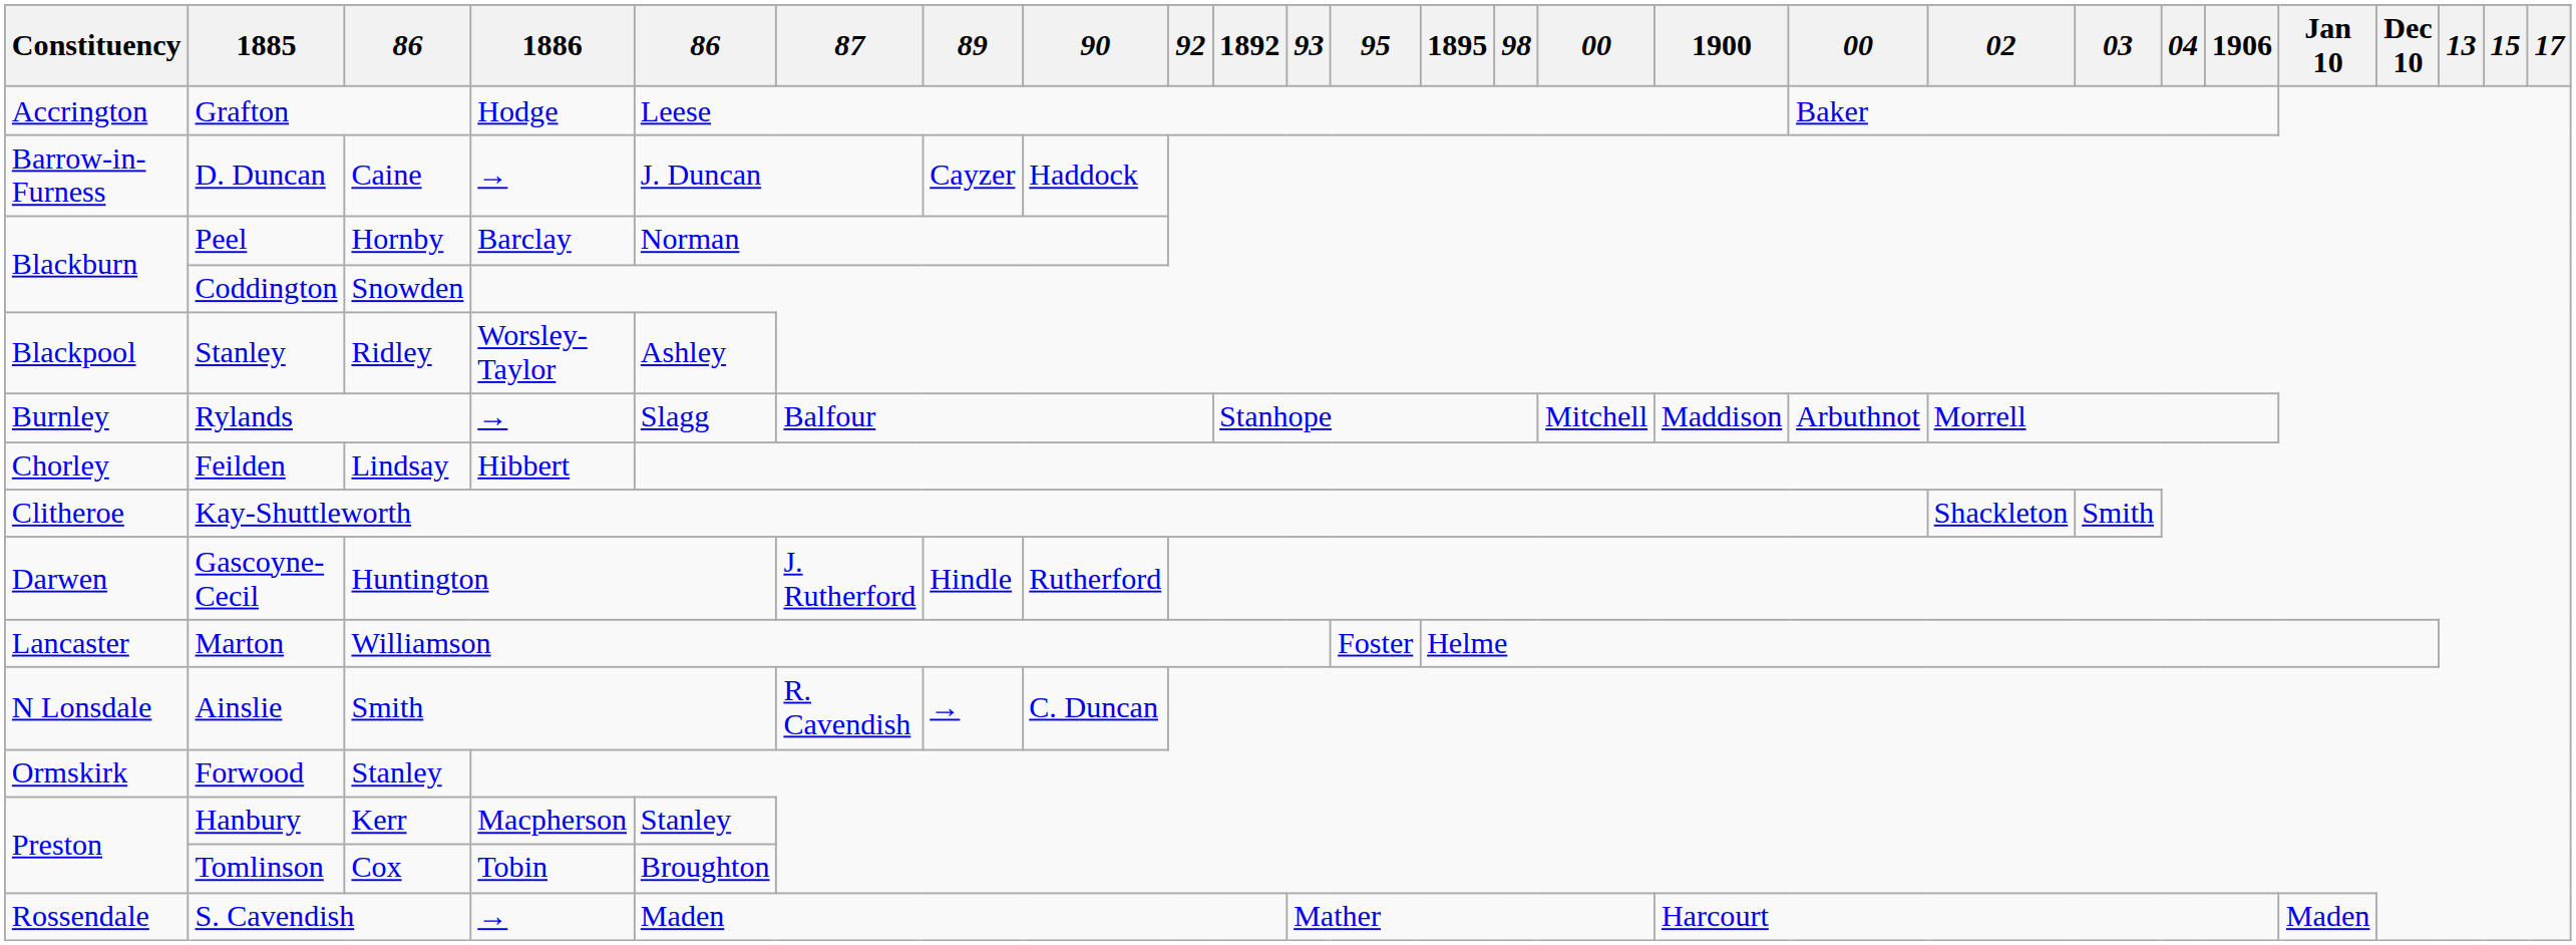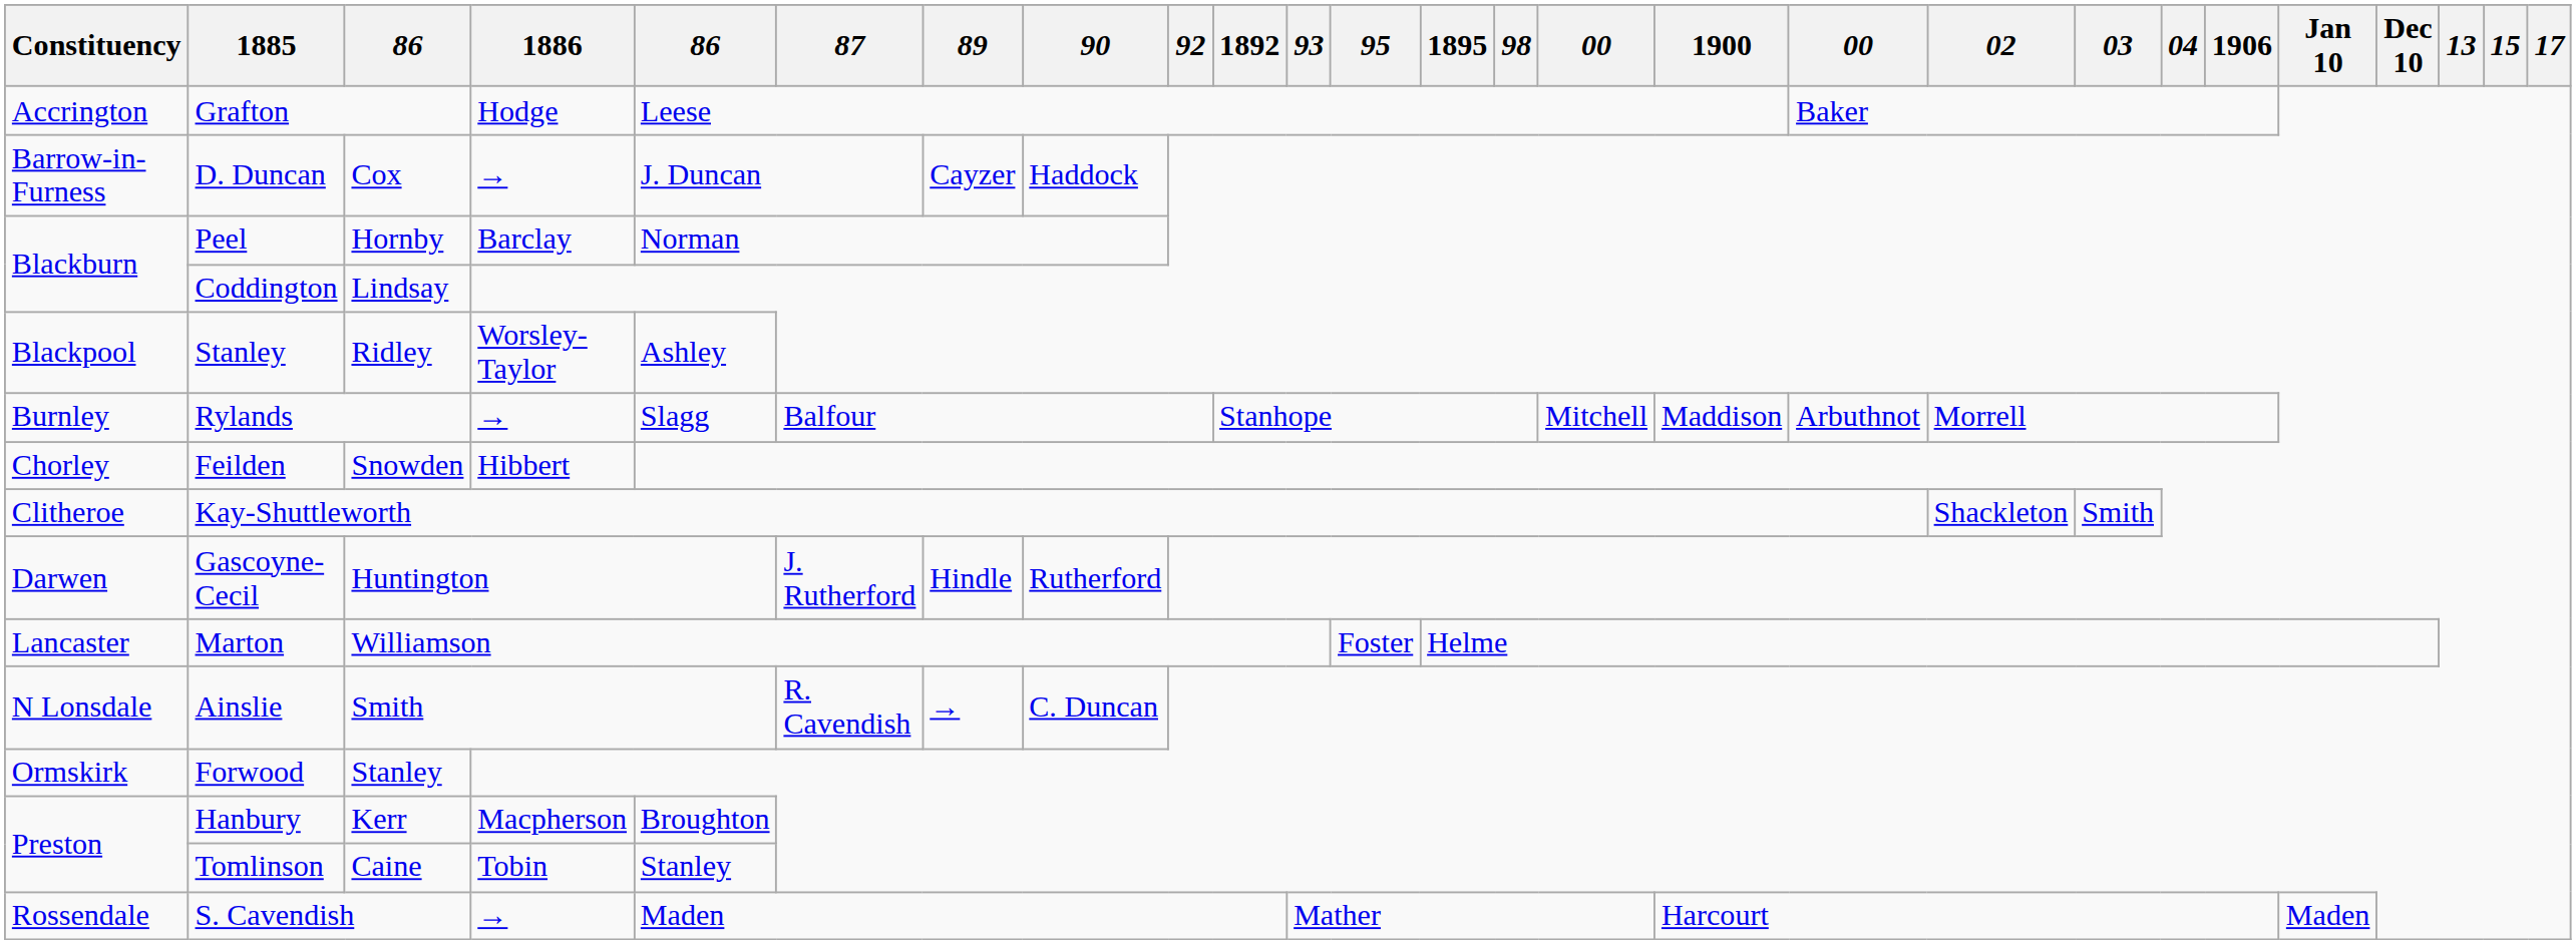 <table class="wikitable">
 <tr>
 <th>Constituency</th>
 <th>1885</th>
 <th><em>86</em></th>
 <th>1886</th>
 <th><em>86</em></th>
 <th><em>87</em></th>
 <th><em>89</em></th>
 <th><em>90</em></th>
 <th><em>92</em></th>
 <th>1892</th>
 <th><em>93</em></th>
 <th><em>95</em></th>
 <th>1895</th>
 <th><em>98</em></th>
 <th><em>00</em></th>
 <th>1900</th>
 <th><em>00</em></th>
 <th><em>02</em></th>
 <th><em>03</em></th>
 <th><em>04</em></th>
 <th>1906</th>
 <th>Jan 10</th>
 <th>Dec 10</th>
 <th><em>13</em></th>
 <th><em>15</em></th>
 <th><em>17</em></th>
 </tr>
 <tr>
 <td><a href='#'>Accrington</a></td>
 <td colspan="2"><a href='#'>Grafton</a></td>
 <td><a href='#'>Hodge</a></td>
 <td colspan="12"><a href='#'>Leese</a></td>
 <td colspan="5"><a href='#'>Baker</a></td>
 </tr>
 <tr>
 <td><a href='#'>Barrow-in-Furness</a></td>
 <td><a href='#'>D. Duncan</a></td>
-<td><a href='#'>Caine</a></td>
+<td><a href='#'>Cox</a></td>
 <td><a href='#'>→</a></td>
 <td colspan="2"><a href='#'>J. Duncan</a></td>
 <td><a href='#'>Cayzer</a></td>
 <td><a href='#'>Haddock</a></td>
 </tr>
 <tr>
 <td rowspan="2"><a href='#'>Blackburn</a></td>
 <td><a href='#'>Peel</a></td>
 <td><a href='#'>Hornby</a></td>
 <td><a href='#'>Barclay</a></td>
 <td colspan="4"><a href='#'>Norman</a></td>
 </tr>
 <tr>
 <td><a href='#'>Coddington</a></td>
-<td><a href='#'>Snowden</a></td>
+<td><a href='#'>Lindsay</a></td>
 </tr>
 <tr>
 <td><a href='#'>Blackpool</a></td>
 <td><a href='#'>Stanley</a></td>
 <td><a href='#'>Ridley</a></td>
 <td><a href='#'>Worsley-Taylor</a></td>
 <td><a href='#'>Ashley</a></td>
 </tr>
 <tr>
 <td><a href='#'>Burnley</a></td>
 <td colspan="2"><a href='#'>Rylands</a></td>
 <td><a href='#'>→</a></td>
 <td><a href='#'>Slagg</a></td>
 <td colspan="4"><a href='#'>Balfour</a></td>
 <td colspan="5"><a href='#'>Stanhope</a></td>
 <td><a href='#'>Mitchell</a></td>
 <td><a href='#'>Maddison</a></td>
 <td><a href='#'>Arbuthnot</a></td>
 <td colspan="4"><a href='#'>Morrell</a></td>
 </tr>
 <tr>
 <td><a href='#'>Chorley</a></td>
 <td><a href='#'>Feilden</a></td>
-<td><a href='#'>Lindsay</a></td>
+<td><a href='#'>Snowden</a></td>
 <td><a href='#'>Hibbert</a></td>
 </tr>
 <tr>
 <td><a href='#'>Clitheroe</a></td>
 <td colspan="16"><a href='#'>Kay-Shuttleworth</a></td>
 <td><a href='#'>Shackleton</a></td>
 <td><a href='#'>Smith</a></td>
 </tr>
 <tr>
 <td><a href='#'>Darwen</a></td>
 <td><a href='#'>Gascoyne-Cecil</a></td>
 <td colspan="3"><a href='#'>Huntington</a></td>
 <td><a href='#'>J. Rutherford</a></td>
 <td><a href='#'>Hindle</a></td>
 <td><a href='#'>Rutherford</a></td>
 </tr>
 <tr>
 <td><a href='#'>Lancaster</a></td>
 <td><a href='#'>Marton</a></td>
 <td colspan="9"><a href='#'>Williamson</a></td>
 <td><a href='#'>Foster</a></td>
 <td colspan="11"><a href='#'>Helme</a></td>
 </tr>
 <tr>
 <td><a href='#'>N Lonsdale</a></td>
 <td><a href='#'>Ainslie</a></td>
 <td colspan="3"><a href='#'>Smith</a></td>
 <td><a href='#'>R. Cavendish</a></td>
 <td><a href='#'>→</a></td>
 <td><a href='#'>C. Duncan</a></td>
 </tr>
 <tr>
 <td><a href='#'>Ormskirk</a></td>
 <td><a href='#'>Forwood</a></td>
 <td><a href='#'>Stanley</a></td>
 </tr>
 <tr>
 <td rowspan="2"><a href='#'>Preston</a></td>
 <td><a href='#'>Hanbury</a></td>
 <td><a href='#'>Kerr</a></td>
 <td><a href='#'>Macpherson</a></td>
-<td><a href='#'>Stanley</a></td>
+<td><a href='#'>Broughton</a></td>
 </tr>
 <tr>
 <td><a href='#'>Tomlinson</a></td>
-<td><a href='#'>Cox</a></td>
+<td><a href='#'>Caine</a></td>
 <td><a href='#'>Tobin</a></td>
-<td><a href='#'>Broughton</a></td>
+<td><a href='#'>Stanley</a></td>
 </tr>
 <tr>
 <td><a href='#'>Rossendale</a></td>
 <td colspan="2"><a href='#'>S. Cavendish</a></td>
 <td><a href='#'>→</a></td>
 <td colspan="6"><a href='#'>Maden</a></td>
 <td colspan="5"><a href='#'>Mather</a></td>
 <td colspan="6"><a href='#'>Harcourt</a></td>
 <td><a href='#'>Maden</a></td>
 </tr>
 </table>
